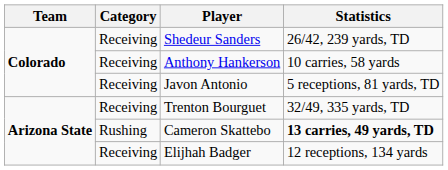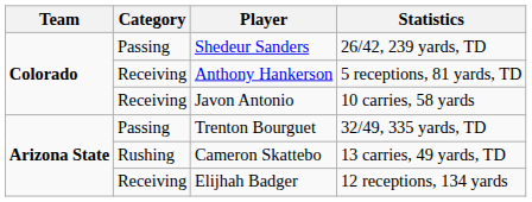 <table class="wikitable" style="float: right;">
 <tr>
 <th>Team</th>
 <th>Category</th>
 <th>Player</th>
 <th>Statistics</th>
 </tr>
 <tr>
 <td rowspan=3><strong>Colorado</strong></td>
-<td>Receiving</td>
+<td>Passing</td>
 <td><a href='#'>Shedeur Sanders</a></td>
 <td>26/42, 239 yards, TD</td>
 </tr>
 <tr>
 <td>Receiving</td>
 <td><a href='#'>Anthony Hankerson</a></td>
-<td>10 carries, 58 yards</td>
+<td>5 receptions, 81 yards, TD</td>
 </tr>
 <tr>
 <td>Receiving</td>
 <td>Javon Antonio</td>
-<td>5 receptions, 81 yards, TD</td>
+<td>10 carries, 58 yards</td>
 </tr>
 <tr>
 <td rowspan=3><strong>Arizona State</strong></td>
-<td>Receiving</td>
+<td>Passing</td>
 <td>Trenton Bourguet</td>
 <td>32/49, 335 yards, TD</td>
 </tr>
 <tr>
 <td>Rushing</td>
 <td>Cameron Skattebo</td>
-<td><strong>13 carries, 49 yards, TD</strong></td>
+<td>13 carries, 49 yards, TD</td>
 </tr>
 <tr>
 <td>Receiving</td>
 <td>Elijhah Badger</td>
 <td>12 receptions, 134 yards</td>
 </tr>
 </table>
